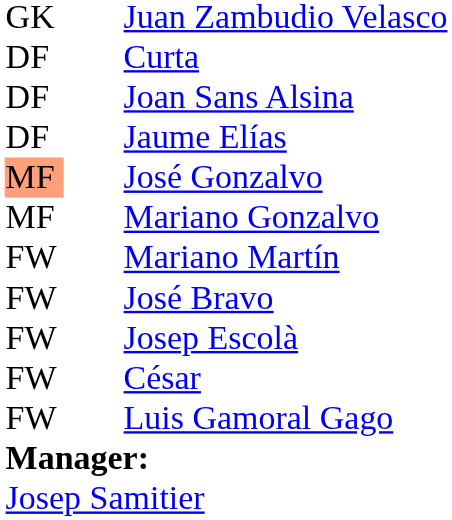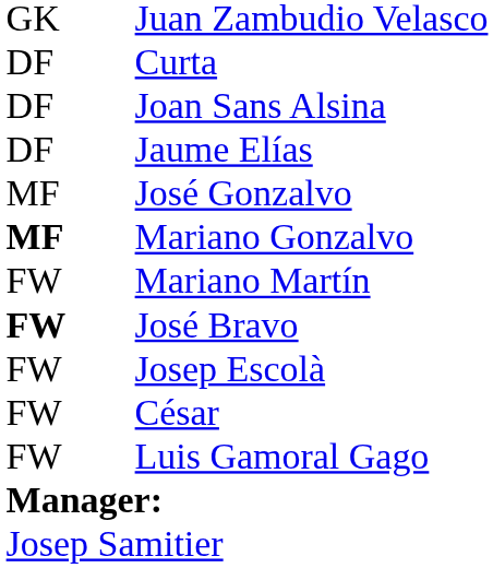 <table style="font-size:90%; margin:0.2em auto;" cellspacing="0" cellpadding="0">
 <tr>
 <th width="25"></th>
 <th width="25"></th>
 </tr>
 <tr>
 <td>GK</td>
 <td><strong> </strong></td>
 <td> <a href='#'>Juan Zambudio Velasco</a></td>
 </tr>
 <tr>
 <td>DF</td>
 <td><strong> </strong></td>
 <td> <a href='#'>Curta</a></td>
 </tr>
 <tr>
 <td>DF</td>
 <td><strong> </strong></td>
 <td> <a href='#'>Joan Sans Alsina</a></td>
 </tr>
 <tr>
 <td>DF</td>
 <td><strong> </strong></td>
 <td> <a href='#'>Jaume Elías</a></td>
 </tr>
 <tr>
-<td style="background: lightsalmon;">MF</td>
+<td>MF</td>
 <td><strong> </strong></td>
 <td> <a href='#'>José Gonzalvo</a></td>
 </tr>
 <tr>
-<td>MF</td>
+<td><strong>MF</strong></td>
 <td><strong> </strong></td>
 <td> <a href='#'>Mariano Gonzalvo</a></td>
 </tr>
 <tr>
 <td>FW</td>
 <td><strong> </strong></td>
 <td> <a href='#'>Mariano Martín</a></td>
 </tr>
 <tr>
-<td>FW</td>
+<td><strong>FW</strong></td>
 <td><strong> </strong></td>
 <td> <a href='#'>José Bravo</a></td>
 </tr>
 <tr>
 <td>FW</td>
 <td><strong> </strong></td>
 <td> <a href='#'>Josep Escolà</a></td>
 </tr>
 <tr>
 <td>FW</td>
 <td><strong> </strong></td>
 <td> <a href='#'>César</a></td>
 </tr>
 <tr>
 <td>FW</td>
 <td><strong> </strong></td>
 <td> <a href='#'>Luis Gamoral Gago</a></td>
 </tr>
 <tr>
 <td colspan=3><strong>Manager:</strong></td>
 </tr>
 <tr>
 <td colspan=4> <a href='#'>Josep Samitier</a></td>
 </tr>
 </table>
